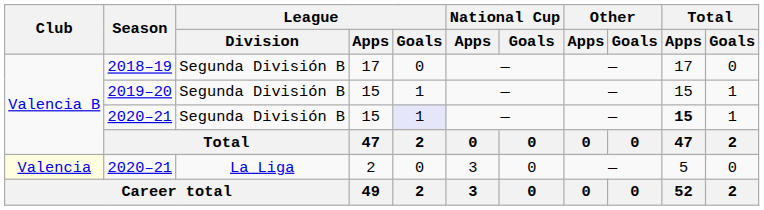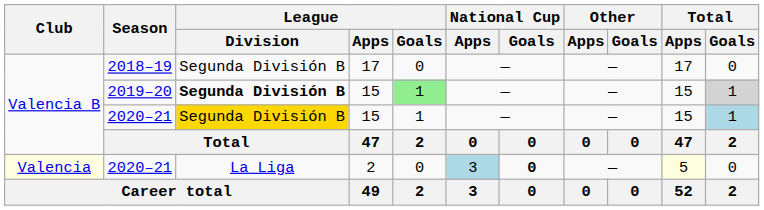 <table class="wikitable" style="text-align:center">
 <tr>
 <th rowspan="2">Club</th>
 <th rowspan="2">Season</th>
 <th colspan="3">League</th>
 <th colspan="2">National Cup</th>
 <th colspan="2">Other</th>
 <th colspan="2">Total</th>
 </tr>
 <tr>
 <th>Division</th>
 <th>Apps</th>
 <th>Goals</th>
 <th>Apps</th>
 <th>Goals</th>
 <th>Apps</th>
 <th>Goals</th>
 <th>Apps</th>
 <th>Goals</th>
 </tr>
 <tr>
 <td rowspan="4"><a href='#'>Valencia B</a></td>
 <td><a href='#'>2018–19</a></td>
 <td>Segunda División B</td>
 <td>17</td>
 <td>0</td>
 <td colspan="2">—</td>
 <td colspan="2">—</td>
 <td>17</td>
 <td>0</td>
 </tr>
 <tr>
 <td><a href='#'>2019–20</a></td>
-<td>Segunda División B</td>
+<td><strong>Segunda División B</strong></td>
+<td>15</td>
+<td style="background: lightgreen;">1</td>
+<td colspan="2">—</td>
+<td colspan="2">—</td>
+<td>15</td>
+<td style="background: lightgrey;">1</td>
+</tr>
+<tr>
+<td><a href='#'>2020–21</a></td>
+<td style="background: gold;">Segunda División B</td>
 <td>15</td>
 <td>1</td>
 <td colspan="2">—</td>
 <td colspan="2">—</td>
 <td>15</td>
-<td>1</td>
-</tr>
-<tr>
-<td><a href='#'>2020–21</a></td>
-<td>Segunda División B</td>
-<td>15</td>
-<td style="background: lavender;">1</td>
-<td colspan="2">—</td>
-<td colspan="2">—</td>
-<td><strong>15</strong></td>
-<td>1</td>
+<td style="background: lightblue;">1</td>
 </tr>
 <tr>
 <th colspan="2">Total</th>
 <th>47</th>
 <th>2</th>
 <th>0</th>
 <th>0</th>
 <th>0</th>
 <th>0</th>
 <th>47</th>
 <th>2</th>
 </tr>
 <tr>
 <td style="background: lightyellow;"><a href='#'>Valencia</a></td>
 <td><a href='#'>2020–21</a></td>
 <td><a href='#'>La Liga</a></td>
 <td>2</td>
 <td>0</td>
-<td>3</td>
-<td>0</td>
+<td style="background: lightblue;">3</td>
+<td><strong>0</strong></td>
 <td colspan="2">—</td>
-<td>5</td>
+<td style="background: lightyellow;">5</td>
 <td>0</td>
 </tr>
 <tr>
 <th colspan="3">Career total</th>
 <th>49</th>
 <th>2</th>
 <th>3</th>
 <th>0</th>
 <th>0</th>
 <th>0</th>
 <th>52</th>
 <th>2</th>
 </tr>
 </table>
